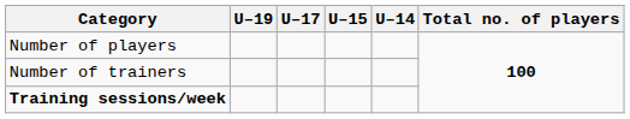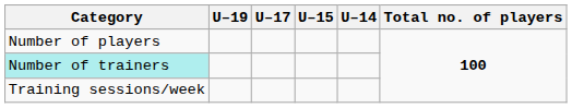 <table class="wikitable sortable">
 <tr>
 <th>Category</th>
 <th>U–19</th>
 <th>U–17</th>
 <th>U–15</th>
 <th>U–14</th>
 <th>Total no. of players</th>
 </tr>
 <tr>
 <td>Number of players</td>
 <td></td>
 <td></td>
 <td></td>
 <td></td>
 <td rowspan="3" style="text-align:center;"><strong>100</strong></td>
 </tr>
 <tr>
-<td>Number of trainers</td>
+<td style="background: paleturquoise;">Number of trainers</td>
 <td></td>
 <td></td>
 <td></td>
 <td></td>
 </tr>
 <tr>
-<td><strong>Training sessions/week</strong></td>
+<td>Training sessions/week</td>
 <td></td>
 <td></td>
 <td></td>
 <td></td>
 </tr>
 </table>
